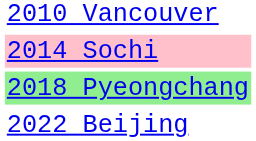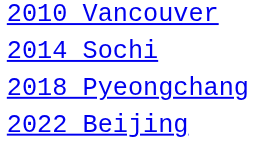 <table>
 <tr valign="top">
 <td><a href='#'>2010 Vancouver</a><br></td>
 <td></td>
 <td></td>
 <td></td>
 </tr>
 <tr valign="top">
-<td style="background: pink;"><a href='#'>2014 Sochi</a><br></td>
+<td><a href='#'>2014 Sochi</a><br></td>
 <td></td>
 <td></td>
 <td></td>
 </tr>
 <tr valign="top">
-<td style="background: lightgreen;"><a href='#'>2018 Pyeongchang</a><br></td>
+<td><a href='#'>2018 Pyeongchang</a><br></td>
 <td></td>
 <td></td>
 <td></td>
 </tr>
 <tr>
 <td rowspan=2><a href='#'>2022 Beijing</a> <br></td>
 <td rowspan=2></td>
 <td rowspan=2></td>
 <td></td>
 </tr>
 <tr>
 <td></td>
 </tr>
 <tr>
 </tr>
 </table>
